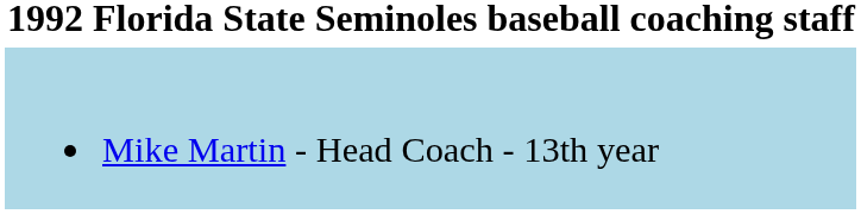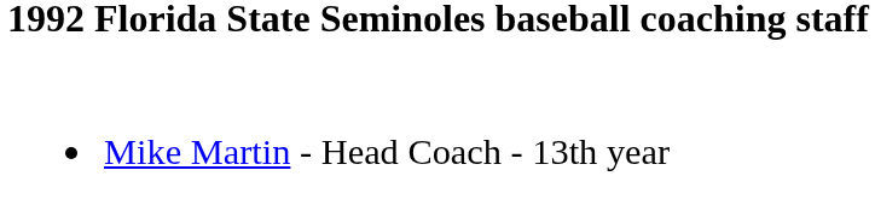 <table class="toccolours">
 <tr>
 <th colspan=9>1992 Florida State Seminoles baseball coaching staff</th>
 </tr>
 <tr>
-<td style="background: lightblue; text-align: left; font-size: 95%;" valign="top"><br><ul><li><a href='#'>Mike Martin</a> - Head Coach - 13th year</li></ul></td>
+<td style="text-align: left; font-size: 95%;" valign="top"><br><ul><li><a href='#'>Mike Martin</a> - Head Coach - 13th year</li></ul></td>
 </tr>
 </table>
